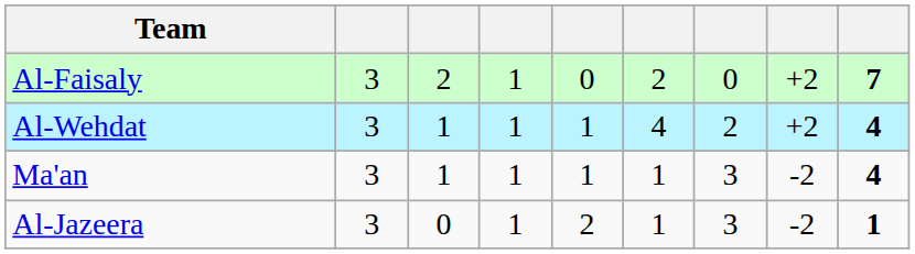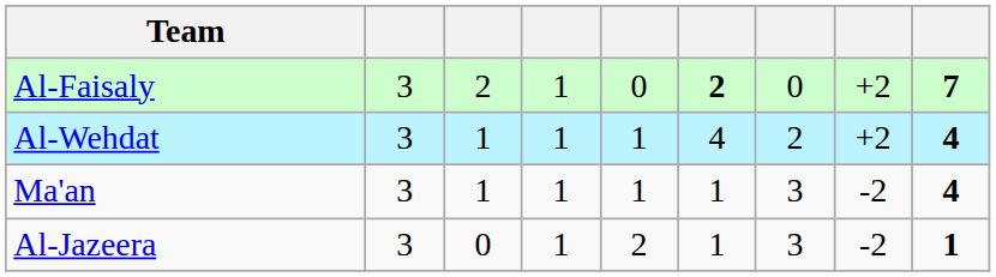 <table class="wikitable" style="text-align: center;">
 <tr>
 <th width="165">Team</th>
 <th width="30"></th>
 <th width="30"></th>
 <th width="30"></th>
 <th width="30"></th>
 <th width="30"></th>
 <th width="30"></th>
 <th width="30"></th>
 <th width="30"></th>
 </tr>
 <tr bgcolor="#ccffcc">
 <td align="left"><a href='#'>Al-Faisaly</a></td>
 <td>3</td>
 <td>2</td>
 <td>1</td>
 <td>0</td>
-<td>2</td>
+<td><strong>2</strong></td>
 <td>0</td>
 <td>+2</td>
 <td><strong>7</strong></td>
 </tr>
 <tr bgcolor="#bbf3ff">
 <td align="left"><a href='#'>Al-Wehdat</a></td>
 <td>3</td>
 <td>1</td>
 <td>1</td>
 <td>1</td>
 <td>4</td>
 <td>2</td>
 <td>+2</td>
 <td><strong>4</strong></td>
 </tr>
 <tr>
 <td align="left"><a href='#'>Ma'an</a></td>
 <td>3</td>
 <td>1</td>
 <td>1</td>
 <td>1</td>
 <td>1</td>
 <td>3</td>
 <td>-2</td>
 <td><strong>4</strong></td>
 </tr>
 <tr>
 <td align="left"><a href='#'>Al-Jazeera</a></td>
 <td>3</td>
 <td>0</td>
 <td>1</td>
 <td>2</td>
 <td>1</td>
 <td>3</td>
 <td>-2</td>
 <td><strong>1</strong></td>
 </tr>
 </table>
